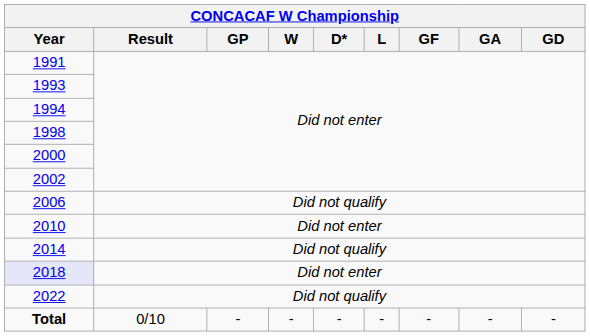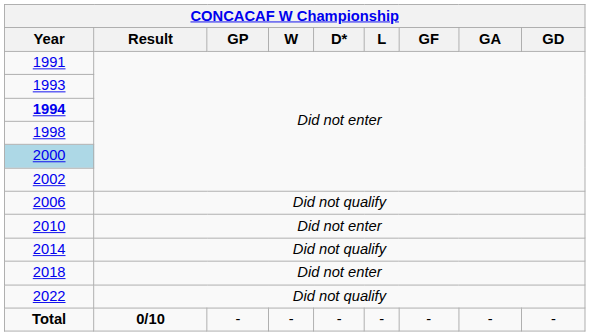 <table class="wikitable" style="text-align: center; width:50%;">
 <tr>
 <th colspan=10><a href='#'>CONCACAF W Championship</a></th>
 </tr>
 <tr>
 <th>Year</th>
 <th>Result</th>
 <th>GP</th>
 <th>W</th>
 <th>D*</th>
 <th>L</th>
 <th>GF</th>
 <th>GA</th>
 <th>GD</th>
 </tr>
 <tr>
 <td> <a href='#'>1991</a></td>
 <td colspan=8 rowspan=6><em>Did not enter</em></td>
 </tr>
 <tr>
 <td> <a href='#'>1993</a></td>
 </tr>
 <tr>
-<td> <a href='#'>1994</a></td>
+<td><strong> <a href='#'>1994</a></strong></td>
 </tr>
 <tr>
 <td> <a href='#'>1998</a></td>
 </tr>
 <tr>
-<td> <a href='#'>2000</a></td>
+<td style="background: lightblue;"> <a href='#'>2000</a></td>
 </tr>
 <tr>
 <td> <a href='#'>2002</a></td>
 </tr>
 <tr>
 <td> <a href='#'>2006</a></td>
 <td colspan=8><em>Did not qualify</em></td>
 </tr>
 <tr>
 <td> <a href='#'>2010</a></td>
 <td colspan=8><em>Did not enter</em></td>
 </tr>
 <tr>
 <td> <a href='#'>2014</a></td>
 <td colspan=8><em>Did not qualify</em></td>
 </tr>
 <tr>
-<td style="background: lavender;"> <a href='#'>2018</a></td>
+<td> <a href='#'>2018</a></td>
 <td colspan=8><em>Did not enter</em></td>
 </tr>
 <tr>
 <td> <a href='#'>2022</a></td>
 <td colspan=8><em>Did not qualify</em></td>
 </tr>
 <tr>
 <td><strong>Total</strong></td>
-<td>0/10</td>
+<td><strong>0/10</strong></td>
 <td>-</td>
 <td>-</td>
 <td>-</td>
 <td>-</td>
 <td>-</td>
 <td>-</td>
 <td>-</td>
 </tr>
 </table>
